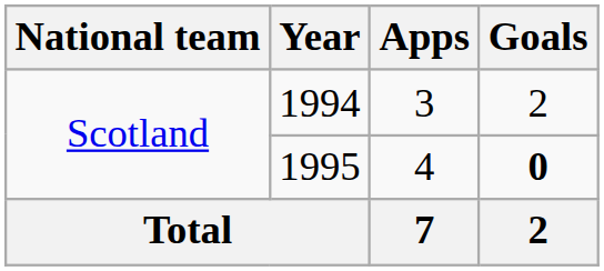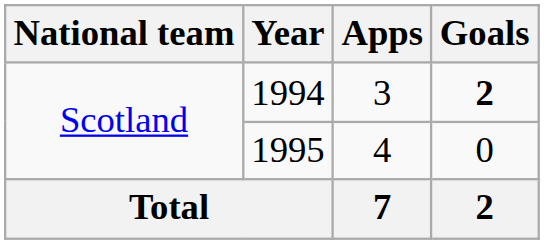 <table class="wikitable" style="text-align:center">
 <tr>
 <th>National team</th>
 <th>Year</th>
 <th>Apps</th>
 <th>Goals</th>
 </tr>
 <tr>
 <td rowspan="2"><a href='#'>Scotland</a></td>
 <td>1994</td>
 <td>3</td>
-<td>2</td>
+<td><strong>2</strong></td>
 </tr>
 <tr>
 <td>1995</td>
 <td>4</td>
-<td><strong>0</strong></td>
+<td>0</td>
 </tr>
 <tr>
 <th colspan="2">Total</th>
 <th>7</th>
 <th>2</th>
 </tr>
 </table>
